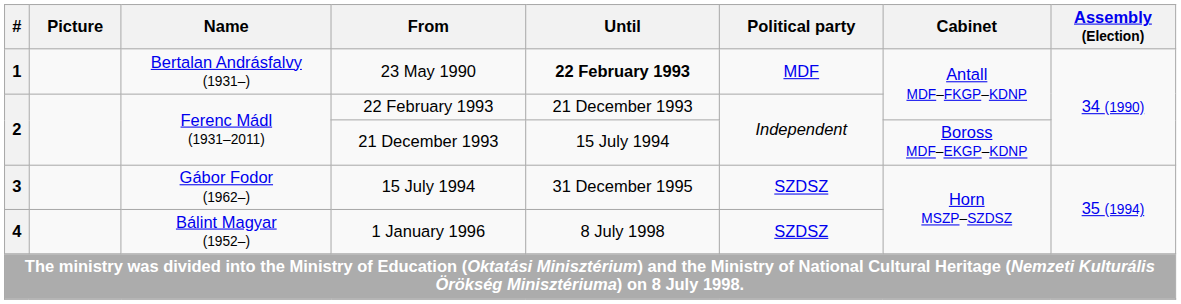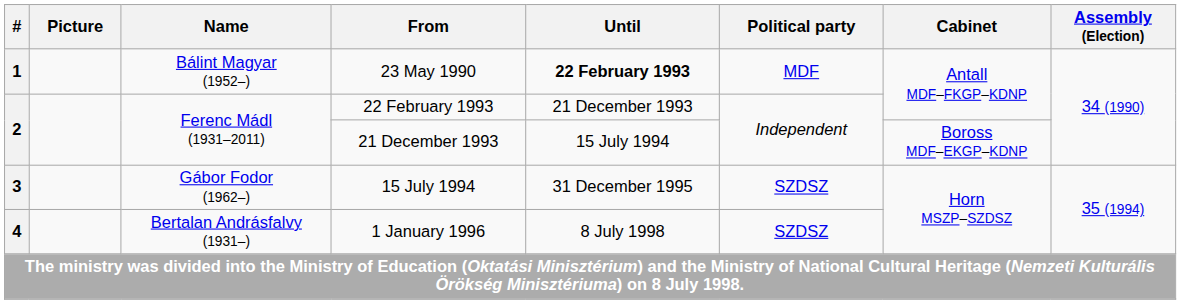 <table width=90% class="wikitable" style="text-align:center">
 <tr>
 <th>#</th>
 <th>Picture</th>
 <th>Name</th>
 <th>From</th>
 <th>Until</th>
 <th>Political party</th>
 <th>Cabinet</th>
 <th><a href='#'>Assembly</a><br><small>(Election)</small></th>
 </tr>
 <tr>
 <th style="background:">1</th>
 <td></td>
-<td><a href='#'>Bertalan Andrásfalvy</a><br><small>(1931–)</small></td>
+<td><a href='#'>Bálint Magyar</a><br><small>(1952–)</small></td>
 <td>23 May 1990</td>
 <td><strong>22 February 1993</strong></td>
 <td><a href='#'>MDF</a></td>
 <td rowspan="2"><a href='#'>Antall</a><br><small><a href='#'>MDF</a>–<a href='#'>FKGP</a>–<a href='#'>KDNP</a></small></td>
 <td rowspan="3"><a href='#'>34 <small>(1990)</small></a></td>
 </tr>
 <tr>
 <th rowspan="2" style="background:">2</th>
 <td rowspan="2"></td>
 <td rowspan="2"><a href='#'>Ferenc Mádl</a><br><small>(1931–2011)</small></td>
 <td>22 February 1993</td>
 <td>21 December 1993</td>
 <td rowspan="2"><em>Independent</em></td>
 </tr>
 <tr>
 <td>21 December 1993</td>
 <td>15 July 1994</td>
 <td><a href='#'>Boross</a><br><small><a href='#'>MDF</a>–<a href='#'>EKGP</a>–<a href='#'>KDNP</a></small></td>
 </tr>
 <tr>
 <th style="background:">3</th>
 <td></td>
 <td><a href='#'>Gábor Fodor</a><br><small>(1962–)</small></td>
 <td>15 July 1994</td>
 <td>31 December 1995</td>
 <td><a href='#'>SZDSZ</a></td>
 <td rowspan="2"><a href='#'>Horn</a><br><small><a href='#'>MSZP</a>–<a href='#'>SZDSZ</a></small></td>
 <td rowspan="2"><a href='#'>35 <small>(1994)</small></a></td>
 </tr>
 <tr>
 <th style="background:">4</th>
 <td></td>
-<td><a href='#'>Bálint Magyar</a><br><small>(1952–)</small></td>
+<td><a href='#'>Bertalan Andrásfalvy</a><br><small>(1931–)</small></td>
 <td>1 January 1996</td>
 <td>8 July 1998</td>
 <td><a href='#'>SZDSZ</a></td>
 </tr>
 <tr>
 <th colspan="8" style="background-color:#ACACAC; color:white">The ministry was divided into the Ministry of Education (<em>Oktatási Minisztérium</em>) and the Ministry of National Cultural Heritage (<em>Nemzeti Kulturális Örökség Minisztériuma</em>) on 8 July 1998.</th>
 </tr>
 <tr>
 </tr>
 </table>
